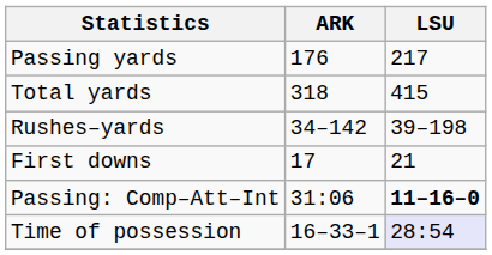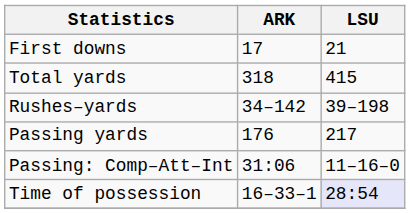 <table class="wikitable" style="float: left;">
 <tr>
 <th>Statistics</th>
 <th>ARK</th>
 <th>LSU</th>
 </tr>
 <tr>
-<td>Passing yards</td>
-<td>176</td>
-<td>217</td>
+<td>First downs</td>
+<td>17</td>
+<td>21</td>
 </tr>
 <tr>
 <td>Total yards</td>
 <td>318</td>
 <td>415</td>
 </tr>
 <tr>
 <td>Rushes–yards</td>
 <td>34–142</td>
 <td>39–198</td>
 </tr>
 <tr>
-<td>First downs</td>
-<td>17</td>
-<td>21</td>
+<td>Passing yards</td>
+<td>176</td>
+<td>217</td>
 </tr>
 <tr>
 <td>Passing: Comp–Att–Int</td>
 <td>31:06</td>
-<td><strong>11–16–0</strong></td>
+<td>11–16–0</td>
 </tr>
 <tr>
 <td>Time of possession</td>
 <td>16–33–1</td>
 <td style="background: lavender;">28:54</td>
 </tr>
 <tr>
 </tr>
 </table>
